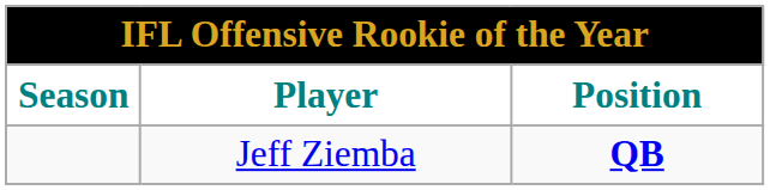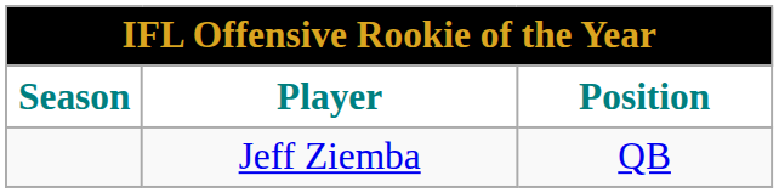 <table class="wikitable sortable" style="text-align:center">
 <tr>
 <td colspan="4" style="background:#000; color:#DAA520;"><strong>IFL Offensive Rookie of the Year</strong></td>
 </tr>
 <tr>
 <th style="width:50px; background:white; color:teal;">Season</th>
 <th style="width:150px; background:white; color:teal;">Player</th>
 <th style="width:100px; background:white; color:teal;">Position</th>
 </tr>
 <tr>
 <td></td>
 <td><a href='#'>Jeff Ziemba</a></td>
-<td><strong><a href='#'>QB</a></strong></td>
+<td><a href='#'>QB</a></td>
 </tr>
 </table>
